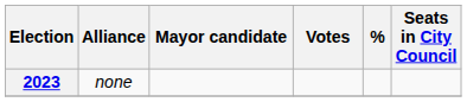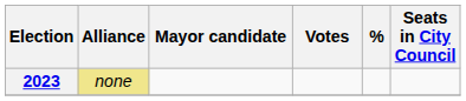 <table class="wikitable" style="text-align: center;">
 <tr>
 <th style="width: 20px">Election</th>
 <th>Alliance</th>
 <th style="width: 130px">Mayor candidate</th>
 <th style="width: 60px">Votes</th>
 <th style="width: 20px">%</th>
 <th style="width: 20px"><strong>Seats in <a href='#'>City Council</a></strong></th>
 </tr>
 <tr>
 <th><a href='#'>2023</a></th>
-<td><em>none</em></td>
+<td style="background: khaki;"><em>none</em></td>
 <td></td>
 <td></td>
 <td></td>
 <td></td>
 </tr>
 <tr>
 </tr>
 </table>
